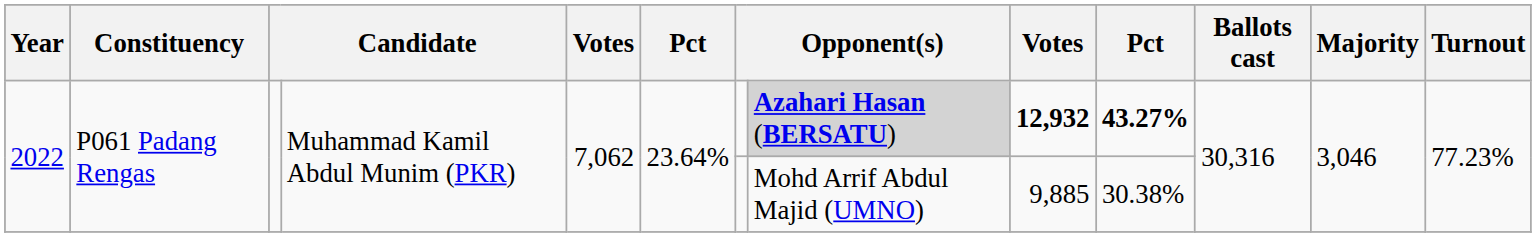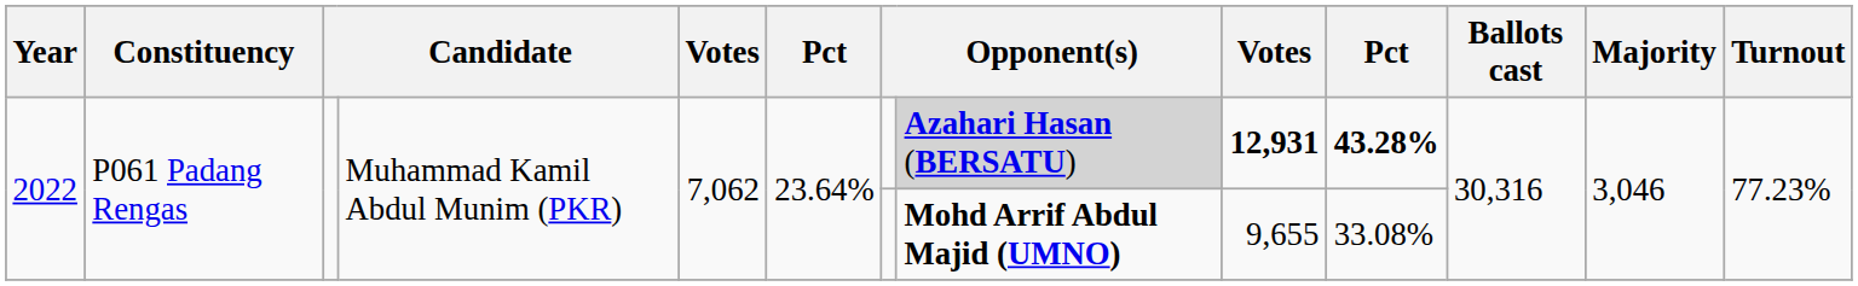 <table class="wikitable" style="margin:0.5em ; font-size:95%">
 <tr>
 <th>Year</th>
 <th>Constituency</th>
 <th colspan=2>Candidate</th>
 <th>Votes</th>
 <th>Pct</th>
 <th colspan=2>Opponent(s)</th>
 <th>Votes</th>
 <th>Pct</th>
 <th>Ballots cast</th>
 <th>Majority</th>
 <th>Turnout</th>
 </tr>
 <tr>
 <td rowspan=2><a href='#'>2022</a></td>
 <td rowspan=2>P061 <a href='#'>Padang Rengas</a></td>
 <td rowspan=2 ></td>
 <td rowspan=2>Muhammad Kamil Abdul Munim	(<a href='#'>PKR</a>)</td>
 <td rowspan=2 align="right">7,062</td>
 <td rowspan=2>23.64%</td>
 <td bgcolor=></td>
 <td style="background: lightgrey;"><strong><a href='#'>Azahari Hasan</a></strong> (<a href='#'><strong>BERSATU</strong></a>)</td>
-<td align=right><strong>12,932</strong></td>
-<td><strong>43.27%</strong></td>
+<td align=right><strong>12,931</strong></td>
+<td><strong>43.28%</strong></td>
 <td rowspan=2>30,316</td>
 <td rowspan=2>3,046</td>
 <td rowspan=2>77.23%</td>
 </tr>
 <tr>
 <td></td>
-<td>Mohd Arrif Abdul Majid (<a href='#'>UMNO</a>)</td>
-<td align=right>9,885</td>
-<td>30.38%</td>
+<td><strong>Mohd Arrif Abdul Majid (<a href='#'>UMNO</a>)</strong></td>
+<td align=right>9,655</td>
+<td>33.08%</td>
 </tr>
 </table>
